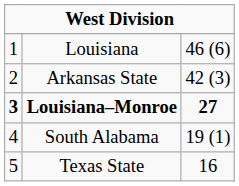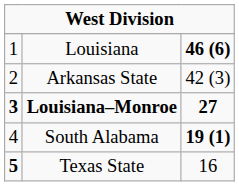 <table class="wikitable">
 <tr align="center">
 <td align="center" Colspan="3"><strong>West Division</strong></td>
 </tr>
 <tr align="center">
 </tr>
 <tr align="center">
 <td>1</td>
 <td>Louisiana</td>
-<td>46 (6)</td>
+<td><strong>46 (6)</strong></td>
 </tr>
 <tr align="center">
 <td>2</td>
 <td>Arkansas State</td>
 <td>42 (3)</td>
 </tr>
 <tr align="center">
 <td><strong>3</strong></td>
 <td><strong>Louisiana–Monroe</strong></td>
 <td><strong>27</strong></td>
 </tr>
 <tr align="center">
 <td>4</td>
 <td>South Alabama</td>
-<td>19 (1)</td>
+<td><strong>19 (1)</strong></td>
 </tr>
 <tr align="center">
-<td>5</td>
+<td><strong>5</strong></td>
 <td>Texas State</td>
 <td>16</td>
 </tr>
 </table>
